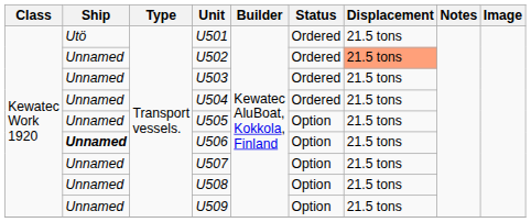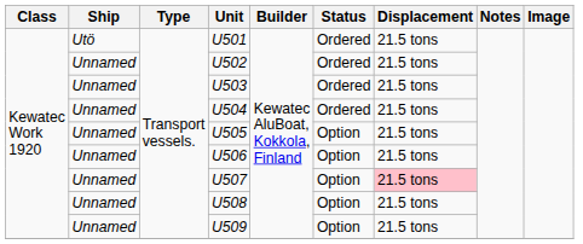 <table class="wikitable">
 <tr>
 <th>Class</th>
 <th>Ship</th>
 <th>Type</th>
 <th>Unit</th>
 <th>Builder</th>
 <th>Status</th>
 <th>Displacement</th>
 <th>Notes</th>
 <th>Image</th>
 </tr>
 <tr>
 <td rowspan="9">Kewatec Work 1920</td>
 <td><em>Utö</em></td>
 <td rowspan="9">Transport vessels.</td>
 <td><em>U501</em></td>
 <td rowspan="9">Kewatec AluBoat, <a href='#'>Kokkola</a>,  <a href='#'>Finland</a></td>
 <td>Ordered</td>
 <td>21.5 tons</td>
 <td rowspan="9"></td>
 <td rowspan="9"></td>
 </tr>
 <tr>
 <td><em>Unnamed</em></td>
 <td><em>U502</em></td>
 <td>Ordered</td>
-<td style="background: lightsalmon;">21.5 tons</td>
+<td>21.5 tons</td>
 </tr>
 <tr>
 <td><em>Unnamed</em></td>
 <td><em>U503</em></td>
 <td>Ordered</td>
 <td>21.5 tons</td>
 </tr>
 <tr>
 <td><em>Unnamed</em></td>
 <td><em>U504</em></td>
 <td>Ordered</td>
 <td>21.5 tons</td>
 </tr>
 <tr>
 <td><em>Unnamed</em></td>
 <td><em>U505</em></td>
 <td>Option</td>
 <td>21.5 tons</td>
 </tr>
 <tr>
-<td><strong><em>Unnamed</em></strong></td>
+<td><em>Unnamed</em></td>
 <td><em>U506</em></td>
 <td>Option</td>
 <td>21.5 tons</td>
 </tr>
 <tr>
 <td><em>Unnamed</em></td>
 <td><em>U507</em></td>
 <td>Option</td>
-<td>21.5 tons</td>
+<td style="background: pink;">21.5 tons</td>
 </tr>
 <tr>
 <td><em>Unnamed</em></td>
 <td><em>U508</em></td>
 <td>Option</td>
 <td>21.5 tons</td>
 </tr>
 <tr>
 <td><em>Unnamed</em></td>
 <td><em>U509</em></td>
 <td>Option</td>
 <td>21.5 tons</td>
 </tr>
 <tr>
 </tr>
 </table>
